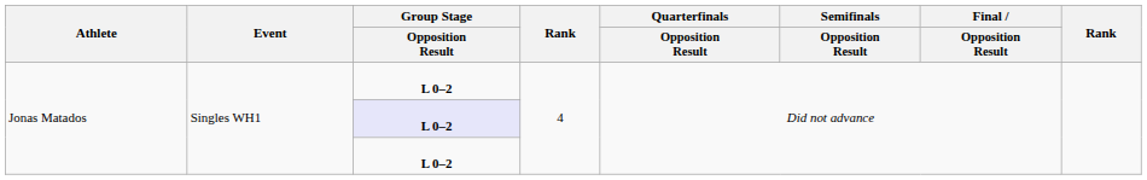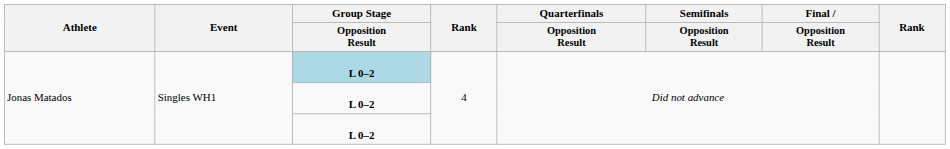 <table class="wikitable" width="98%" style="text-align:left; font-size:90%">
 <tr>
 <th rowspan="2">Athlete</th>
 <th rowspan="2">Event</th>
 <th>Group Stage</th>
 <th rowspan="2">Rank</th>
 <th>Quarterfinals</th>
 <th>Semifinals</th>
 <th>Final / </th>
 <th rowspan=2>Rank</th>
 </tr>
 <tr style="font-size:95%">
 <th>Opposition<br>Result</th>
 <th>Opposition<br>Result</th>
 <th>Opposition<br>Result</th>
 <th>Opposition<br>Result</th>
 </tr>
 <tr>
 <td rowspan=3>Jonas Matados</td>
 <td rowspan=3>Singles WH1</td>
-<td align=center><br><strong>L 0–2</strong></td>
+<td align=center style="background: lightblue;"><br><strong>L 0–2</strong></td>
 <td rowspan=3 align=center>4</td>
 <td rowspan=3 align=center colspan=3><em>Did not advance</em></td>
 <td rowspan=3></td>
 </tr>
 <tr>
-<td align=center style="background: lavender;"><br><strong>L 0–2</strong></td>
+<td align=center><br><strong>L 0–2</strong></td>
 </tr>
 <tr>
 <td align=center><br><strong>L 0–2</strong></td>
 </tr>
 </table>
